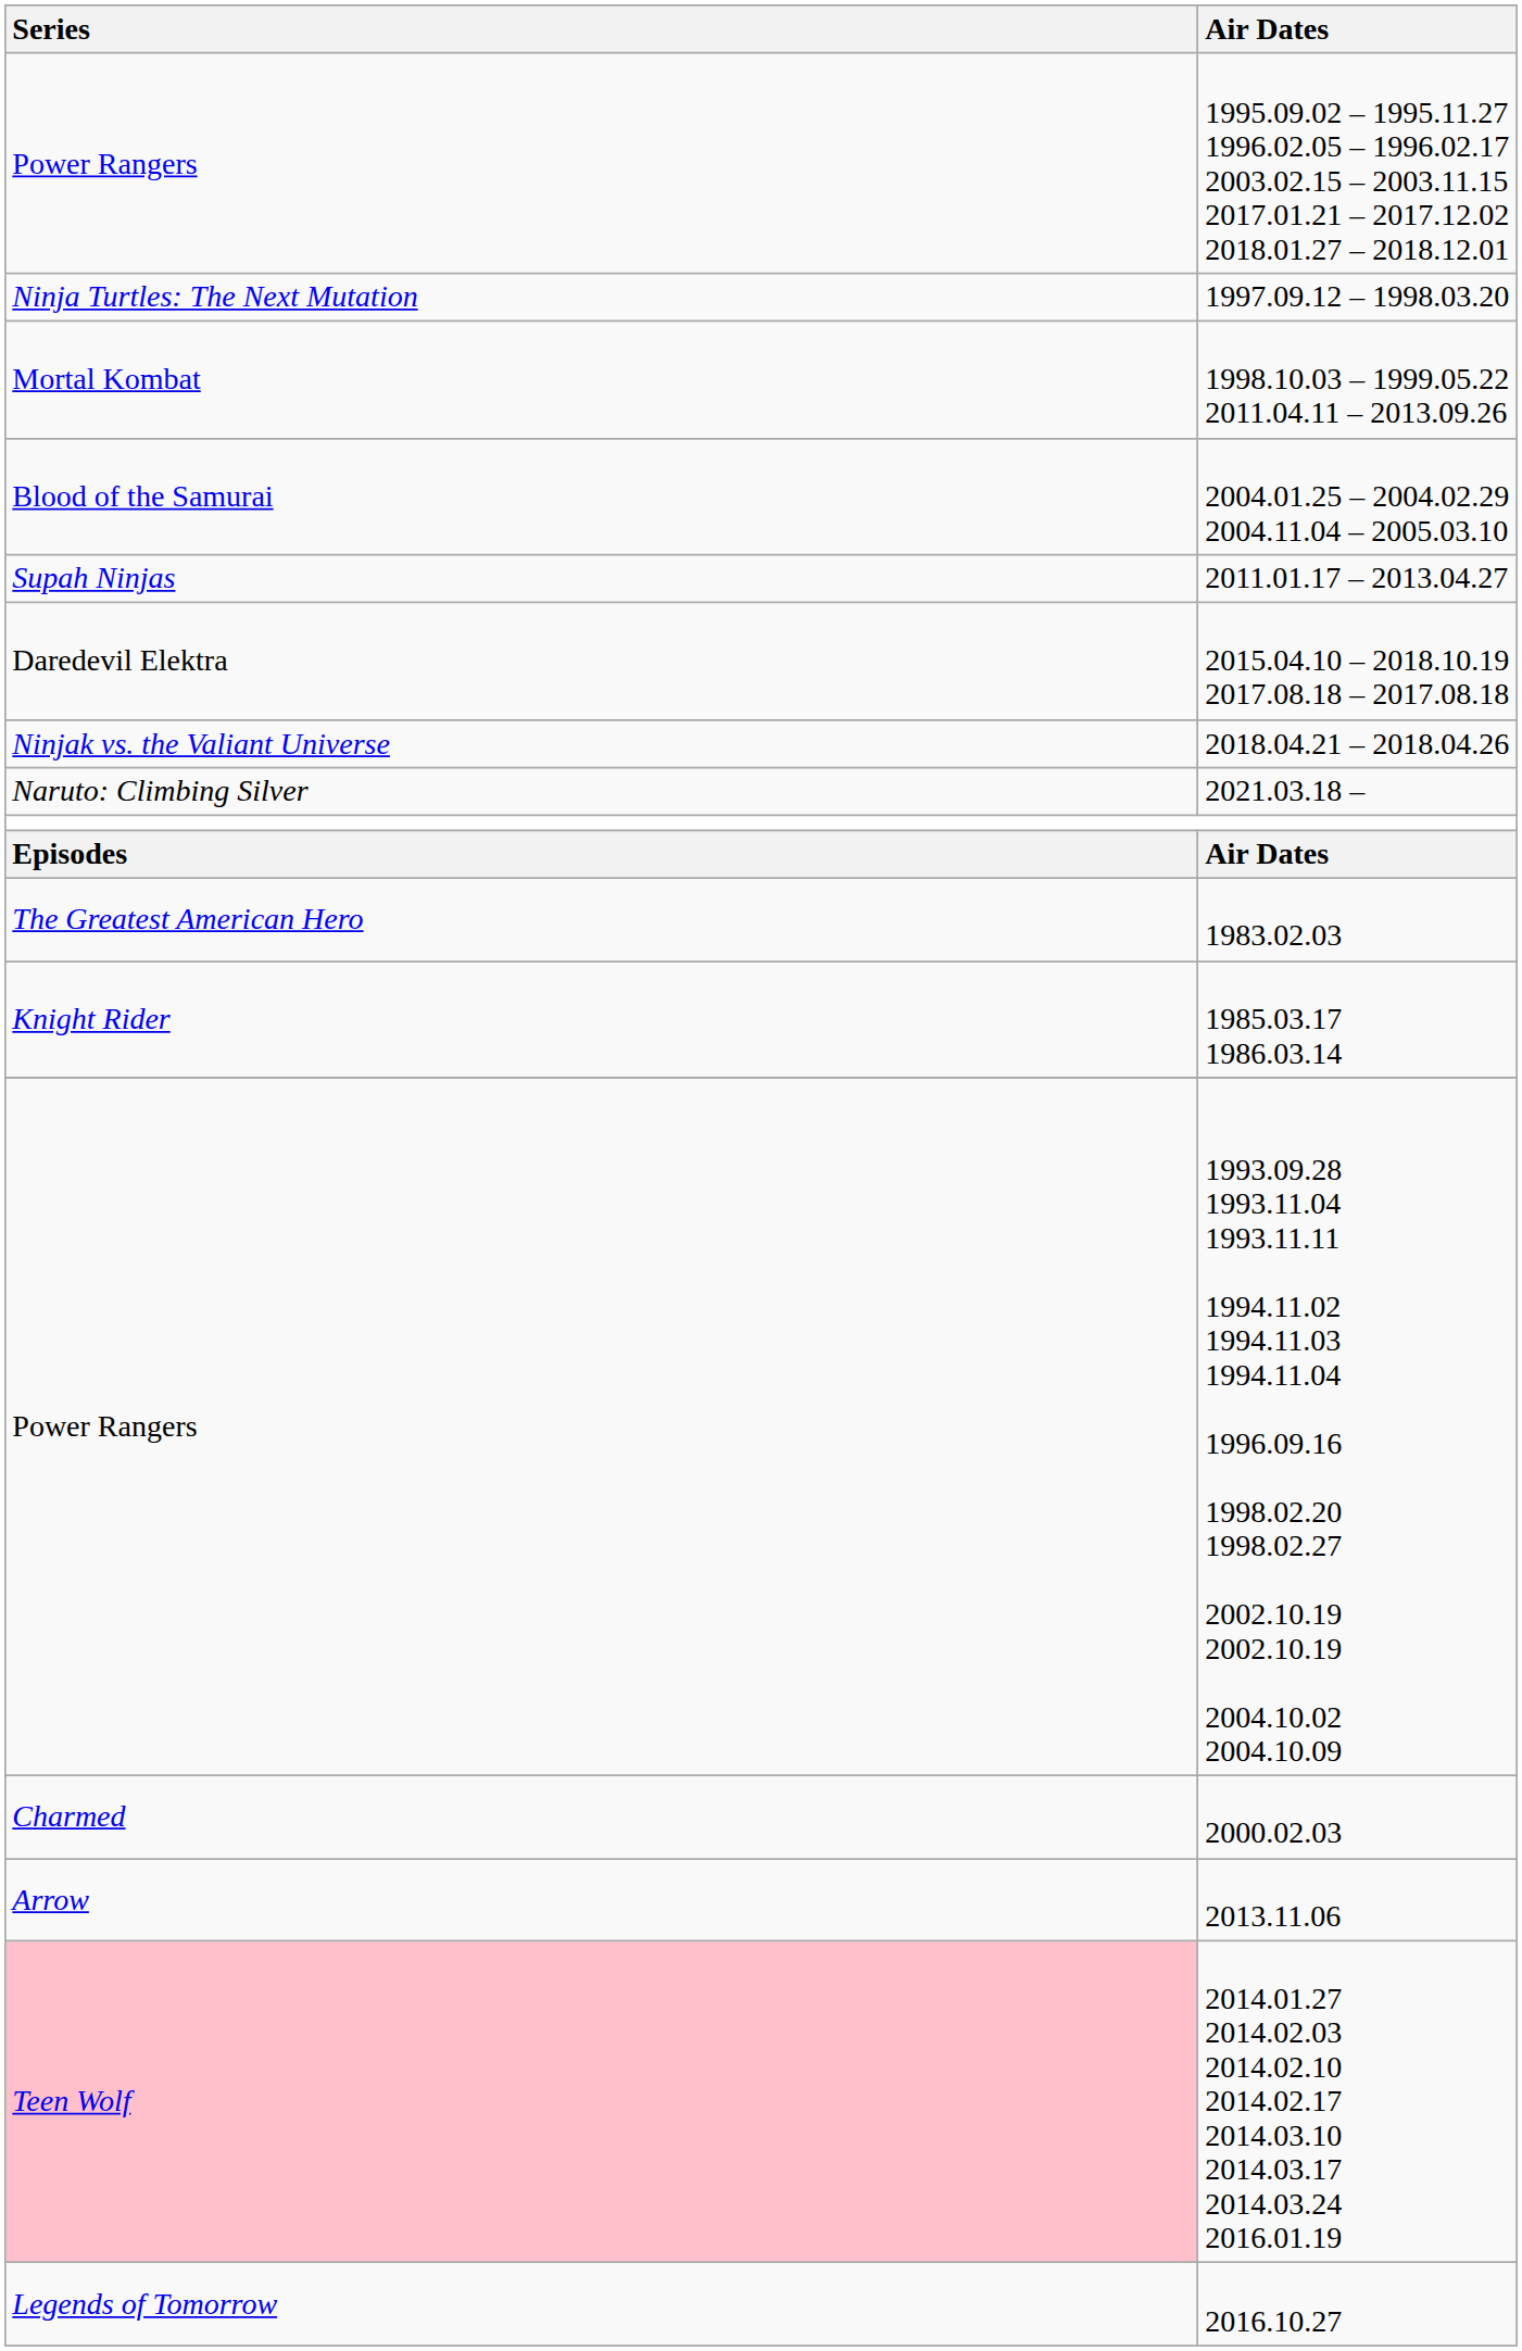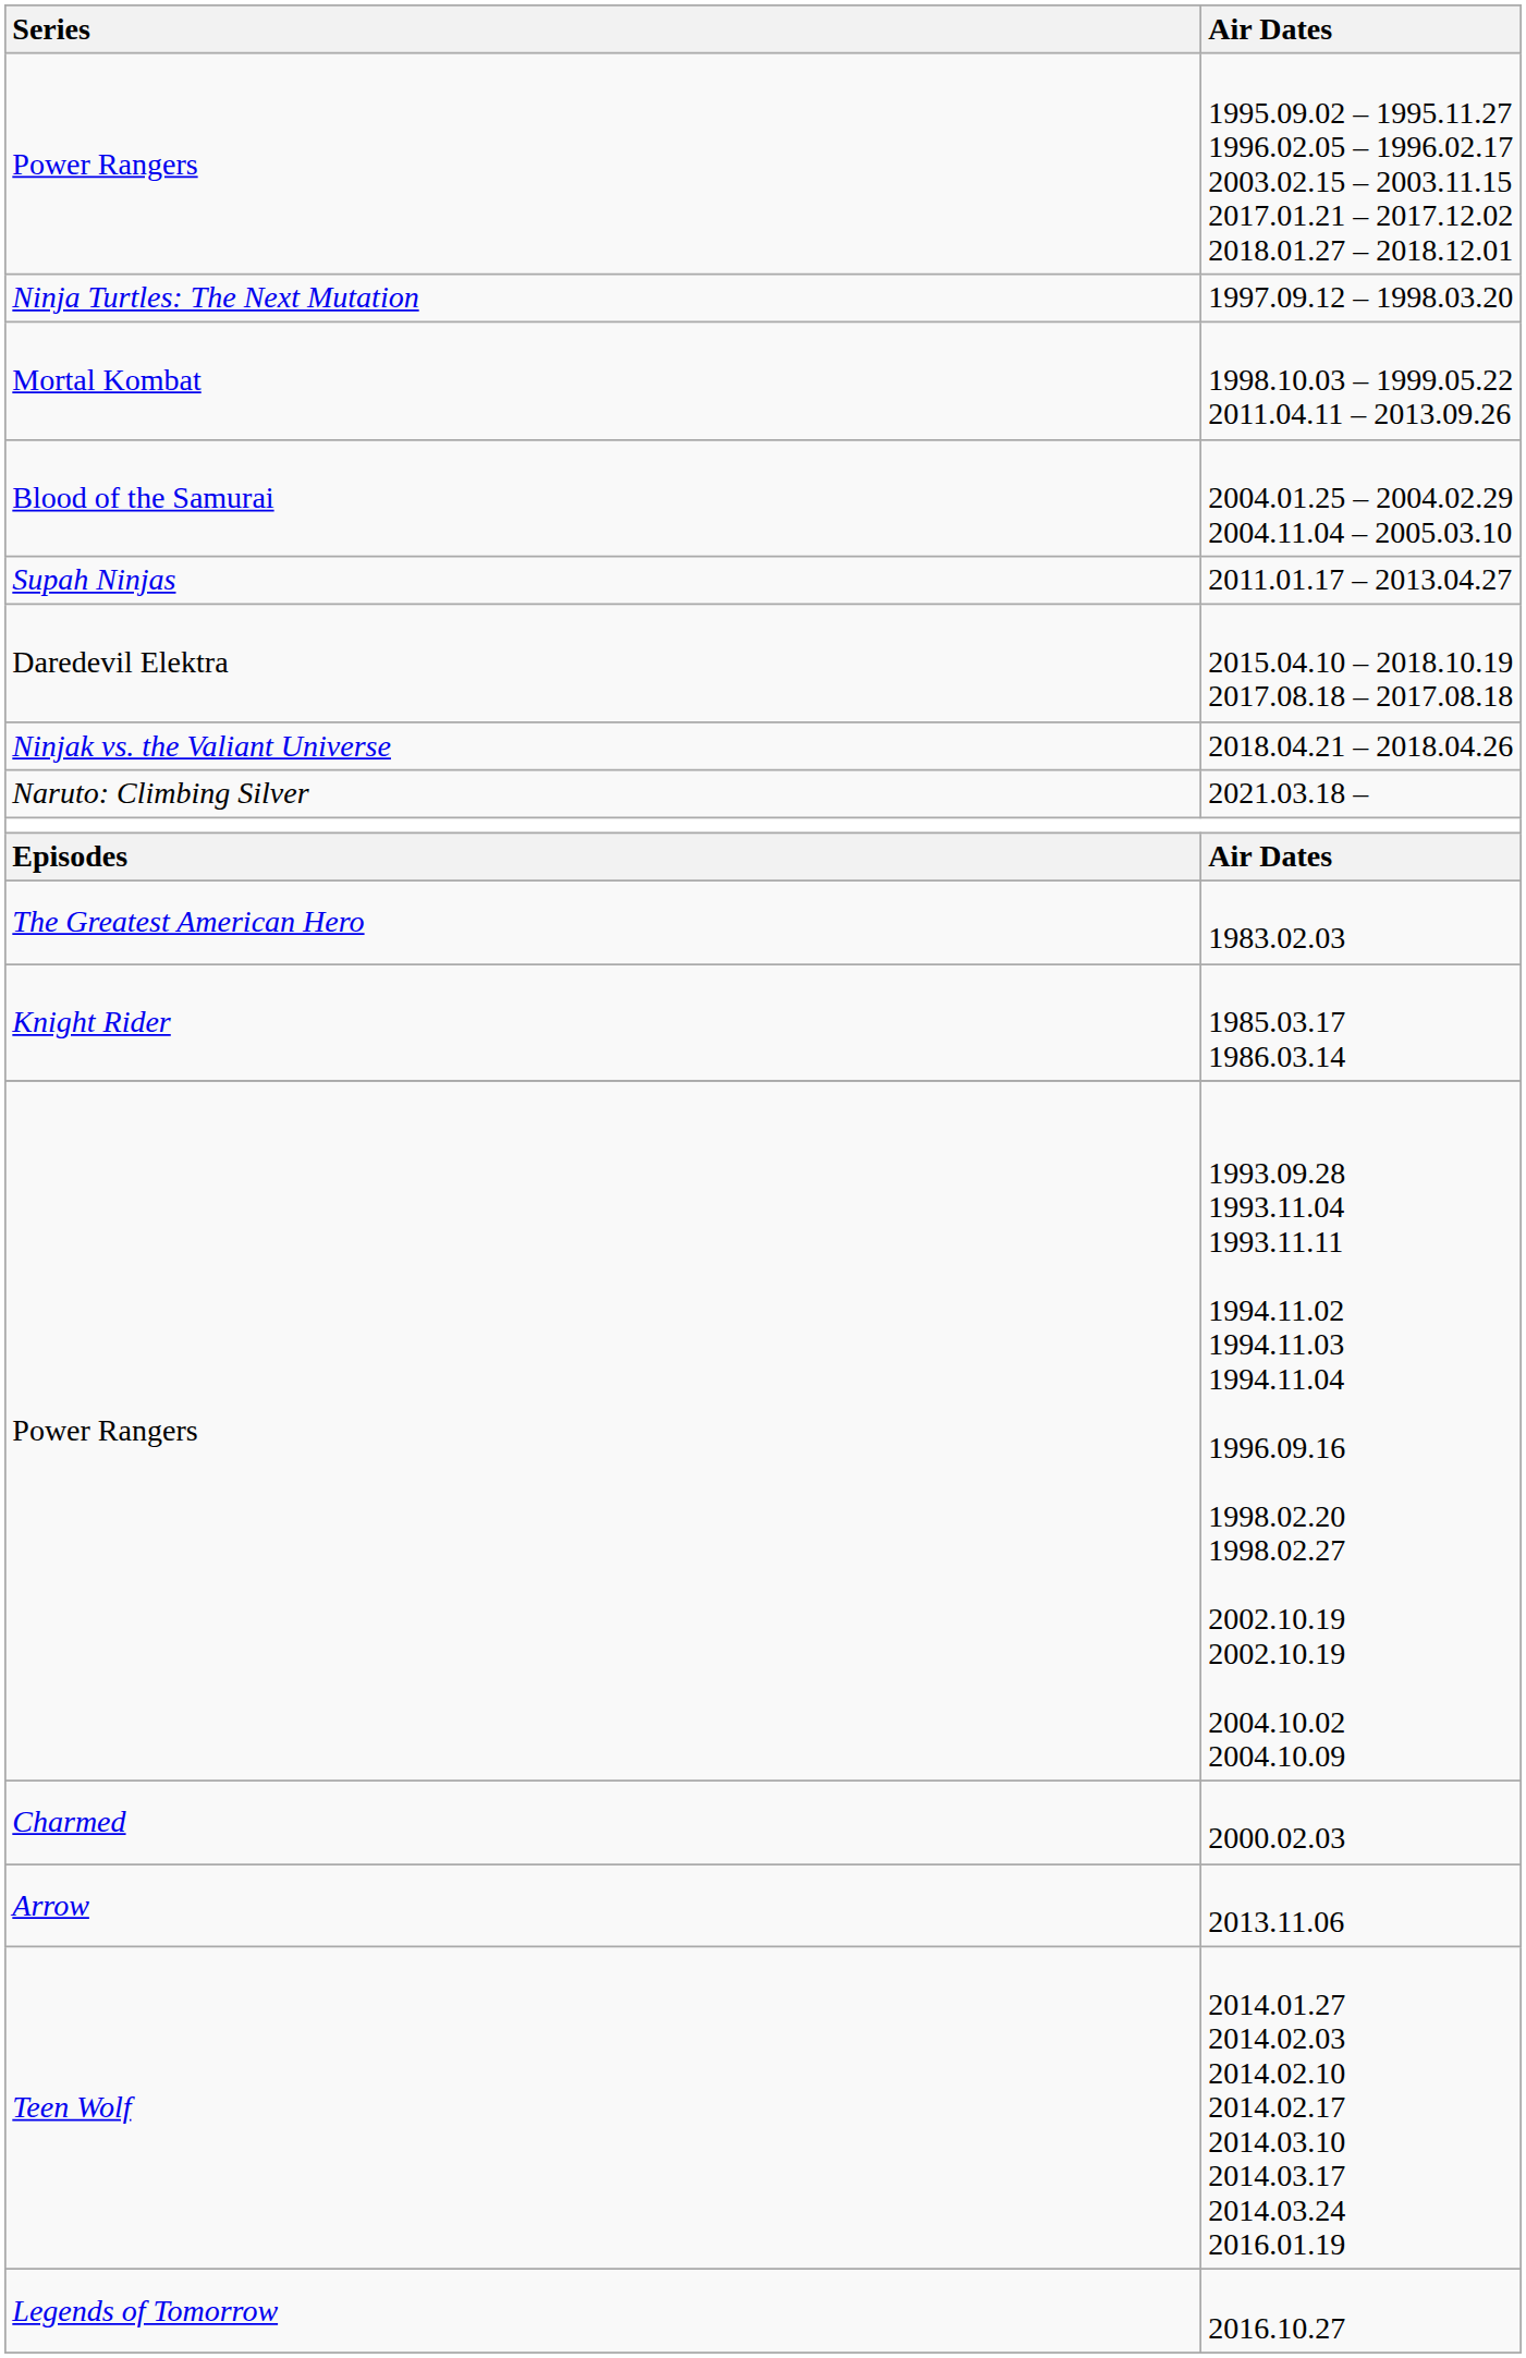 <table class="wikitable" border="1">
 <tr>
 <th width="620" style="text-align:left;">Series</th>
 <th width="160" style="text-align:left;">Air Dates</th>
 </tr>
 <tr>
 <td><a href='#'>Power Rangers</a><br></td>
 <td><br>1995.09.02 –  1995.11.27<br>1996.02.05 –  1996.02.17<br>2003.02.15 – 2003.11.15<br>2017.01.21 – 2017.12.02<br>2018.01.27 – 2018.12.01</td>
 </tr>
 <tr>
 <td><em><a href='#'>Ninja Turtles: The Next Mutation</a></em></td>
 <td>1997.09.12 – 1998.03.20</td>
 </tr>
 <tr>
 <td><a href='#'>Mortal Kombat</a><br></td>
 <td><br>1998.10.03 – 1999.05.22<br>2011.04.11 – 2013.09.26</td>
 </tr>
 <tr>
 <td><a href='#'>Blood of the Samurai</a><br></td>
 <td><br>2004.01.25 – 2004.02.29<br>2004.11.04 – 2005.03.10</td>
 </tr>
 <tr>
 <td><em><a href='#'>Supah Ninjas</a></em></td>
 <td>2011.01.17 – 2013.04.27</td>
 </tr>
 <tr>
 <td>Daredevil  Elektra<br></td>
 <td><br>2015.04.10 – 2018.10.19<br>2017.08.18 – 2017.08.18</td>
 </tr>
 <tr>
 <td><em><a href='#'>Ninjak vs. the Valiant Universe</a></em> </td>
 <td>2018.04.21 – 2018.04.26</td>
 </tr>
 <tr>
 <td><em>Naruto: Climbing Silver</em> </td>
 <td>2021.03.18 –</td>
 </tr>
 <tr>
 <td style="background: white" colspan="3"></td>
 </tr>
 <tr>
 <th width="620" style="text-align:left;">Episodes</th>
 <th width="160" style="text-align:left;">Air Dates</th>
 </tr>
 <tr>
 <td><em><a href='#'>The Greatest American Hero</a></em><br></td>
 <td><br>1983.02.03</td>
 </tr>
 <tr>
 <td><em><a href='#'>Knight Rider</a></em><br></td>
 <td><br> 1985.03.17<br>1986.03.14</td>
 </tr>
 <tr>
 </tr>
 <tr>
 <td>Power Rangers<br></td>
 <td><br><br>1993.09.28<br>1993.11.04<br>1993.11.11<br><br>1994.11.02<br>1994.11.03<br>1994.11.04<br><br>1996.09.16<br><br>1998.02.20<br>1998.02.27<br><br>2002.10.19<br>2002.10.19<br><br>2004.10.02<br>2004.10.09</td>
 </tr>
 <tr>
 <td><em><a href='#'>Charmed</a></em><br></td>
 <td><br>2000.02.03</td>
 </tr>
 <tr>
 <td><em><a href='#'>Arrow</a></em><br></td>
 <td><br>2013.11.06</td>
 </tr>
 <tr>
-<td style="background: pink;"><em><a href='#'>Teen Wolf</a></em><br></td>
+<td><em><a href='#'>Teen Wolf</a></em><br></td>
 <td><br>2014.01.27<br>2014.02.03<br>2014.02.10<br>2014.02.17<br>2014.03.10<br>2014.03.17<br>2014.03.24<br>2016.01.19</td>
 </tr>
 <tr>
 <td><em><a href='#'>Legends of Tomorrow</a></em><br></td>
 <td><br>2016.10.27</td>
 </tr>
 </table>
